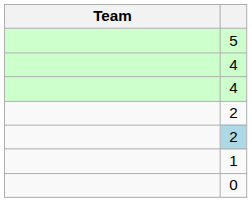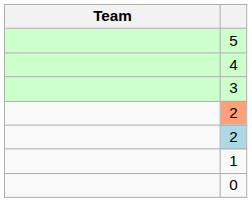 <table class="wikitable" style="text-align:center;">
 <tr>
 <th width=220>Team</th>
 <th width=20></th>
 </tr>
 <tr bgcolor="#ccffcc">
 <td align=left></td>
 <td>5</td>
 </tr>
 <tr bgcolor="#ccffcc">
 <td align=left></td>
 <td>4</td>
 </tr>
 <tr bgcolor="#ccffcc">
 <td align=left></td>
-<td>4</td>
+<td>3</td>
 </tr>
 <tr>
 <td align=left></td>
-<td>2</td>
+<td style="background: lightsalmon;">2</td>
 </tr>
 <tr>
 <td align=left></td>
 <td style="background: lightblue;">2</td>
 </tr>
 <tr>
 <td align=left></td>
 <td>1</td>
 </tr>
 <tr>
 <td align=left></td>
 <td>0</td>
 </tr>
 </table>
